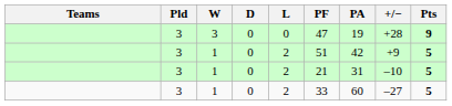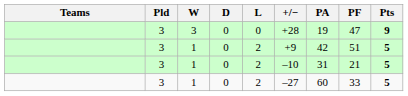 <table class="wikitable" style="text-align: center;">
 <tr>
 <th style="width:200px;">Teams</th>
 <th width="40">Pld</th>
 <th width="40">W</th>
 <th width="40">D</th>
 <th width="40">L</th>
+<th width="40">+/−</th>
+<th width="40">PA</th>
 <th width="40">PF</th>
-<th width="40">PA</th>
-<th width="40">+/−</th>
 <th width="40">Pts</th>
 </tr>
 <tr bgcolor=ccffcc>
 <td align=left></td>
 <td>3</td>
 <td>3</td>
 <td>0</td>
 <td>0</td>
+<td>+28</td>
+<td>19</td>
 <td>47</td>
-<td>19</td>
-<td>+28</td>
 <td><strong>9</strong></td>
 </tr>
 <tr bgcolor=ccffcc>
 <td align=left></td>
 <td>3</td>
 <td>1</td>
 <td>0</td>
 <td>2</td>
+<td>+9</td>
+<td>42</td>
 <td>51</td>
-<td>42</td>
-<td>+9</td>
 <td><strong>5</strong></td>
 </tr>
 <tr bgcolor=ccffcc>
 <td align=left></td>
 <td>3</td>
 <td>1</td>
 <td>0</td>
 <td>2</td>
+<td>–10</td>
+<td>31</td>
 <td>21</td>
-<td>31</td>
-<td>–10</td>
 <td><strong>5</strong></td>
 </tr>
 <tr>
 <td align=left></td>
 <td>3</td>
 <td>1</td>
 <td>0</td>
 <td>2</td>
+<td>–27</td>
+<td>60</td>
 <td>33</td>
-<td>60</td>
-<td>–27</td>
 <td><strong>5</strong></td>
 </tr>
 </table>
